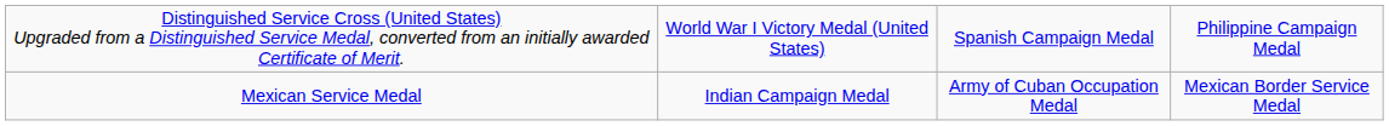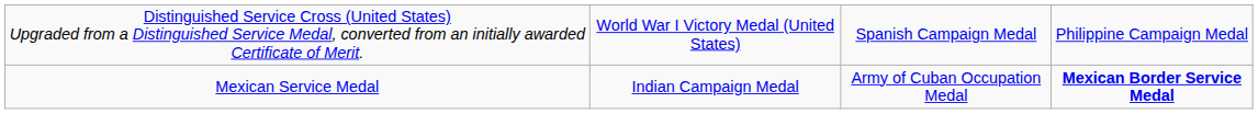 <table class="wikitable" style="margin:1em auto; text-align:center;">
 <tr>
 <td style="text-align:center;"><a href='#'>Distinguished Service Cross (United States)</a><br><em>Upgraded from a <a href='#'>Distinguished Service Medal</a>, converted from an initially awarded <a href='#'>Certificate of Merit</a>.</em></td>
 <td><a href='#'>World War I Victory Medal (United States)</a></td>
 <td><a href='#'>Spanish Campaign Medal</a></td>
 <td><a href='#'>Philippine Campaign Medal</a></td>
 </tr>
 <tr>
 <td><a href='#'>Mexican Service Medal</a></td>
 <td><a href='#'>Indian Campaign Medal</a></td>
 <td><a href='#'>Army of Cuban Occupation Medal</a></td>
-<td><a href='#'>Mexican Border Service Medal</a></td>
+<td><strong><a href='#'>Mexican Border Service Medal</a></strong></td>
 </tr>
 </table>
